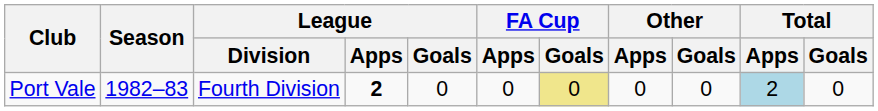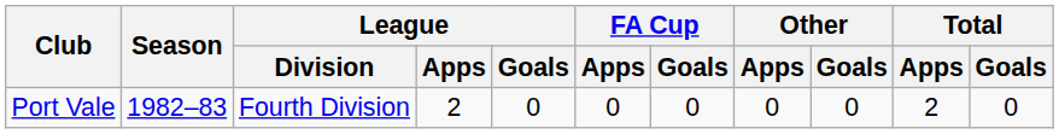 <table class="wikitable" style="text-align:center">
 <tr>
 <th rowspan="2">Club</th>
 <th rowspan="2">Season</th>
 <th colspan="3">League</th>
 <th colspan="2"><a href='#'>FA Cup</a></th>
 <th colspan="2">Other</th>
 <th colspan="2">Total</th>
 </tr>
 <tr>
 <th>Division</th>
 <th>Apps</th>
 <th>Goals</th>
 <th>Apps</th>
 <th>Goals</th>
 <th>Apps</th>
 <th>Goals</th>
 <th>Apps</th>
 <th>Goals</th>
 </tr>
 <tr>
 <td><a href='#'>Port Vale</a></td>
 <td><a href='#'>1982–83</a></td>
 <td><a href='#'>Fourth Division</a></td>
-<td><strong>2</strong></td>
+<td>2</td>
 <td>0</td>
 <td>0</td>
-<td style="background: khaki;">0</td>
 <td>0</td>
 <td>0</td>
-<td style="background: lightblue;">2</td>
+<td>0</td>
+<td>2</td>
 <td>0</td>
 </tr>
 </table>
